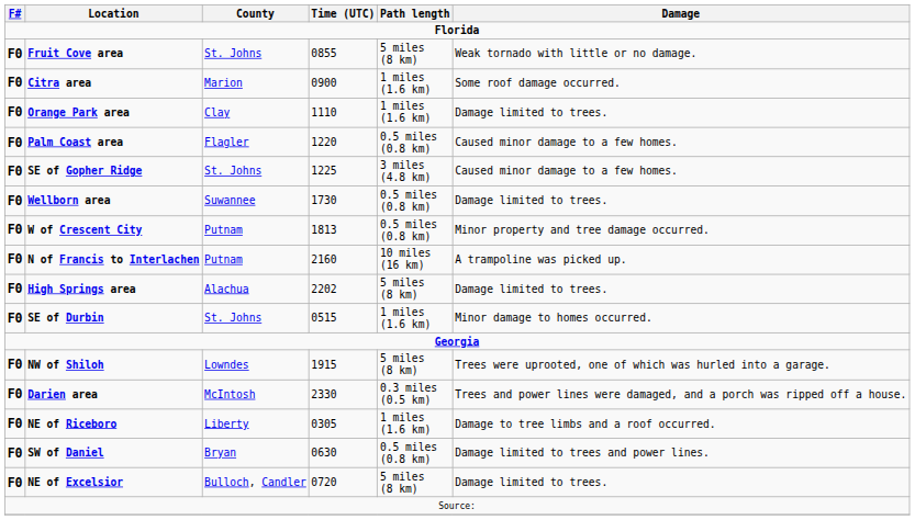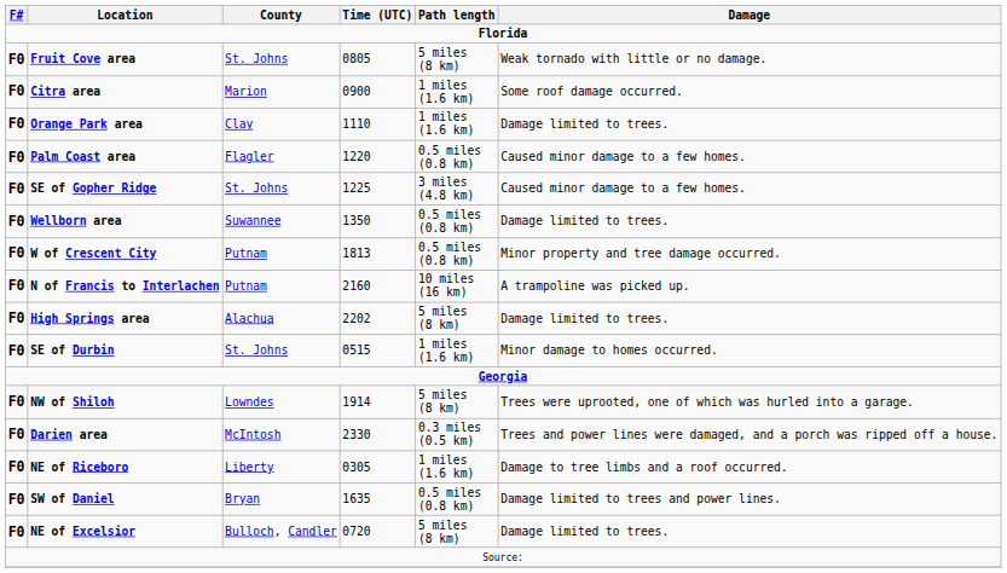 <table class="wikitable">
 <tr>
 <th><a href='#'>F#</a></th>
 <th>Location</th>
 <th>County</th>
 <th>Time (UTC)</th>
 <th>Path length</th>
 <th>Damage</th>
 </tr>
 <tr>
 <td colspan="7" align=center><strong>Florida</strong></td>
 </tr>
 <tr>
 <td><big><strong>F0</strong></big></td>
 <td><strong><a href='#'>Fruit Cove</a> area</strong></td>
 <td><a href='#'>St. Johns</a></td>
-<td>0855</td>
+<td>0805</td>
 <td>5 miles <br>(8 km)</td>
 <td>Weak tornado with little or no damage.</td>
 </tr>
 <tr>
 <td><big><strong>F0</strong></big></td>
 <td><strong><a href='#'>Citra</a> area</strong></td>
 <td><a href='#'>Marion</a></td>
 <td>0900</td>
 <td>1 miles <br>(1.6 km)</td>
 <td>Some roof damage occurred.</td>
 </tr>
 <tr>
 <td><big><strong>F0</strong></big></td>
 <td><strong><a href='#'>Orange Park</a> area</strong></td>
 <td><a href='#'>Clay</a></td>
 <td>1110</td>
 <td>1 miles <br>(1.6 km)</td>
 <td>Damage limited to trees.</td>
 </tr>
 <tr>
 <td><big><strong>F0</strong></big></td>
 <td><strong><a href='#'>Palm Coast</a> area</strong></td>
 <td><a href='#'>Flagler</a></td>
 <td>1220</td>
 <td>0.5 miles <br>(0.8 km)</td>
 <td>Caused minor damage to a few homes.</td>
 </tr>
 <tr>
 <td><big><strong>F0</strong></big></td>
 <td><strong>SE of <a href='#'>Gopher Ridge</a></strong></td>
 <td><a href='#'>St. Johns</a></td>
 <td>1225</td>
 <td>3 miles <br>(4.8 km)</td>
 <td>Caused minor damage to a few homes.</td>
 </tr>
 <tr>
 <td><big><strong>F0</strong></big></td>
 <td><strong><a href='#'>Wellborn</a> area</strong></td>
 <td><a href='#'>Suwannee</a></td>
-<td>1730</td>
+<td>1350</td>
 <td>0.5 miles <br>(0.8 km)</td>
 <td>Damage limited to trees.</td>
 </tr>
 <tr>
 <td><big><strong>F0</strong></big></td>
 <td><strong>W of <a href='#'>Crescent City</a></strong></td>
 <td><a href='#'>Putnam</a></td>
 <td>1813</td>
 <td>0.5 miles <br>(0.8 km)</td>
 <td>Minor property and tree damage occurred.</td>
 </tr>
 <tr>
 <td><big><strong>F0</strong></big></td>
 <td><strong>N of <a href='#'>Francis</a> to <a href='#'>Interlachen</a></strong></td>
 <td><a href='#'>Putnam</a></td>
 <td>2160</td>
 <td>10 miles <br>(16 km)</td>
 <td>A trampoline was picked up.</td>
 </tr>
 <tr>
 <td><big><strong>F0</strong></big></td>
 <td><strong><a href='#'>High Springs</a> area</strong></td>
 <td><a href='#'>Alachua</a></td>
 <td>2202</td>
 <td>5 miles <br>(8 km)</td>
 <td>Damage limited to trees.</td>
 </tr>
 <tr>
 <td><big><strong>F0</strong></big></td>
 <td><strong>SE of <a href='#'>Durbin</a></strong></td>
 <td><a href='#'>St. Johns</a></td>
 <td>0515</td>
 <td>1 miles <br>(1.6 km)</td>
 <td>Minor damage to homes occurred.</td>
 </tr>
 <tr>
 <td colspan="7" align=center><strong><a href='#'>Georgia</a></strong></td>
 </tr>
 <tr>
 <td><big><strong>F0</strong></big></td>
 <td><strong>NW of <a href='#'>Shiloh</a></strong></td>
 <td><a href='#'>Lowndes</a></td>
-<td>1915</td>
+<td>1914</td>
 <td>5 miles <br>(8 km)</td>
 <td>Trees were uprooted, one of which was hurled into a garage.</td>
 </tr>
 <tr>
 <td><big><strong>F0</strong></big></td>
 <td><strong><a href='#'>Darien</a> area</strong></td>
 <td><a href='#'>McIntosh</a></td>
 <td>2330</td>
 <td>0.3 miles <br>(0.5 km)</td>
 <td>Trees and power lines were damaged, and a porch was ripped off a house.</td>
 </tr>
 <tr>
 <td><big><strong>F0</strong></big></td>
 <td><strong>NE of <a href='#'>Riceboro</a></strong></td>
 <td><a href='#'>Liberty</a></td>
 <td>0305</td>
 <td>1 miles <br>(1.6 km)</td>
 <td>Damage to tree limbs and a roof occurred.</td>
 </tr>
 <tr>
 <td><big><strong>F0</strong></big></td>
 <td><strong>SW of <a href='#'>Daniel</a></strong></td>
 <td><a href='#'>Bryan</a></td>
-<td>0630</td>
+<td>1635</td>
 <td>0.5 miles <br>(0.8 km)</td>
 <td>Damage limited to trees and power lines.</td>
 </tr>
 <tr>
 <td><big><strong>F0</strong></big></td>
 <td><strong>NE of <a href='#'>Excelsior</a></strong></td>
 <td><a href='#'>Bulloch</a>, <a href='#'>Candler</a></td>
 <td>0720</td>
 <td>5 miles <br>(8 km)</td>
 <td>Damage limited to trees.</td>
 </tr>
 <tr>
 <td colspan="7" align=center><small>Source: </small></td>
 </tr>
 <tr>
 </tr>
 </table>
